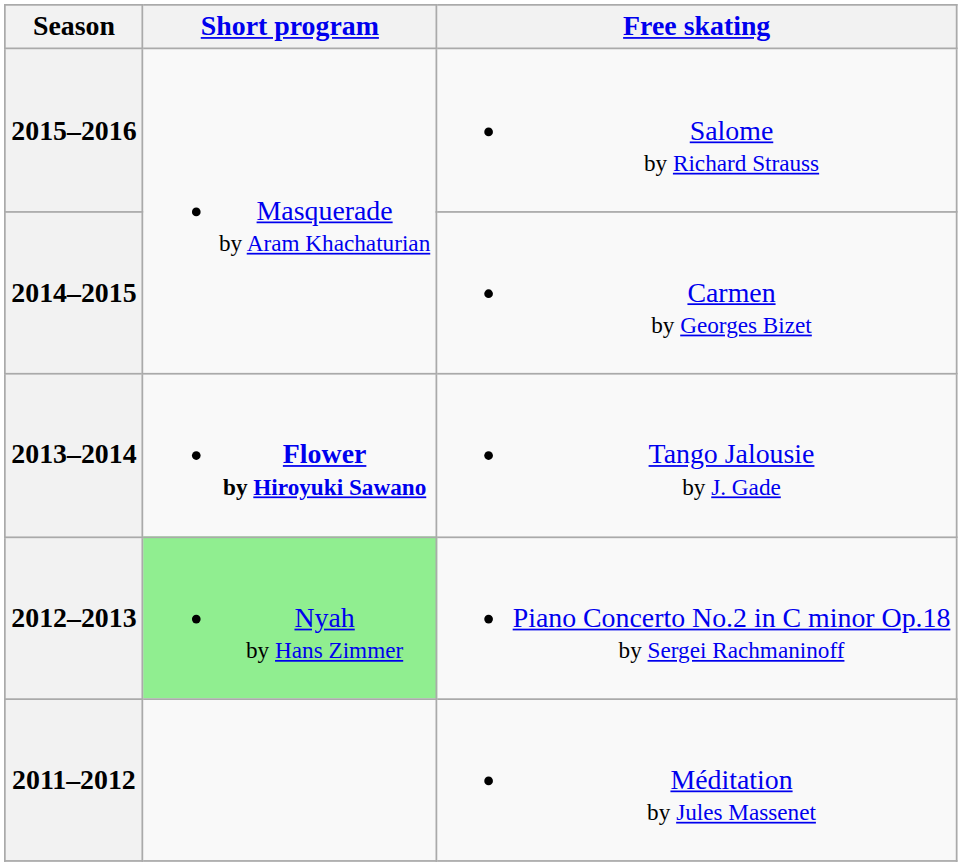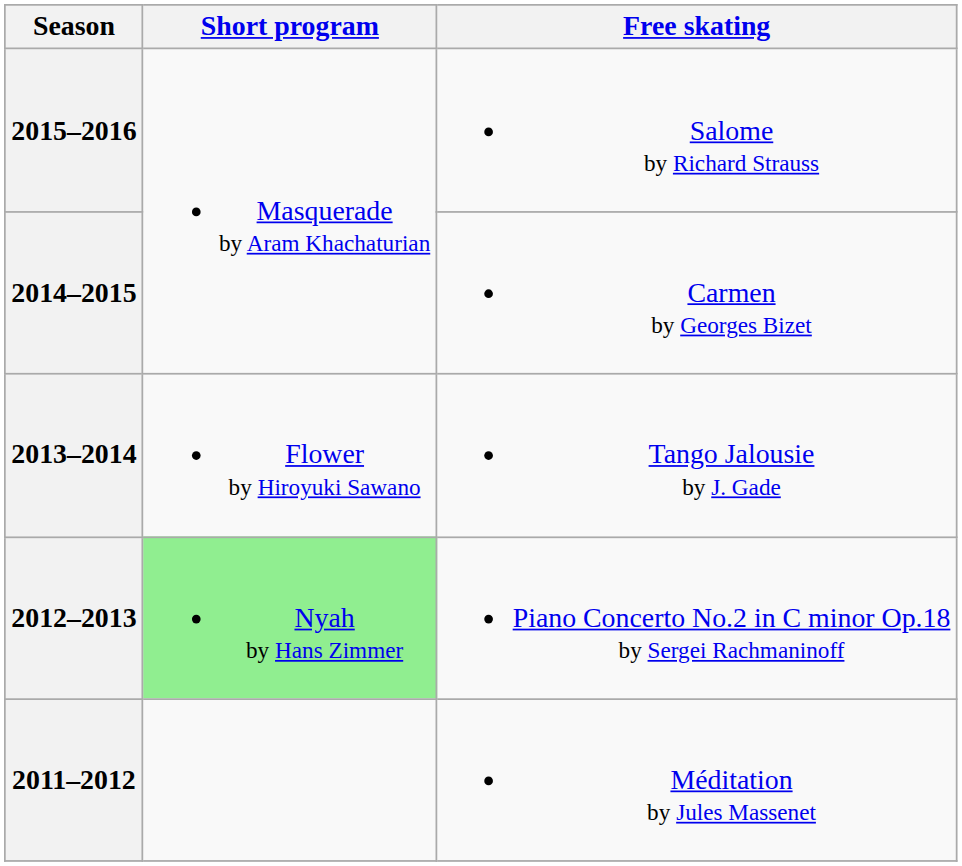 <table class="wikitable" style="text-align:center">
 <tr>
 <th>Season</th>
 <th><a href='#'>Short program</a></th>
 <th><a href='#'>Free skating</a></th>
 </tr>
 <tr>
 <th>2015–2016</th>
 <td rowspan=2><br><ul><li><a href='#'>Masquerade</a> <br><small> by <a href='#'>Aram Khachaturian</a> </small></li></ul></td>
 <td><br><ul><li><a href='#'>Salome</a> <br><small> by <a href='#'>Richard Strauss</a> </small></li></ul></td>
 </tr>
 <tr>
 <th>2014–2015</th>
 <td><br><ul><li><a href='#'>Carmen</a> <br><small> by <a href='#'>Georges Bizet</a> </small></li></ul></td>
 </tr>
 <tr>
 <th>2013–2014</th>
-<td><strong><br><ul><li><a href='#'>Flower</a><br><small> by <a href='#'>Hiroyuki Sawano</a></small></li></ul></strong></td>
+<td><br><ul><li><a href='#'>Flower</a><br><small> by <a href='#'>Hiroyuki Sawano</a></small></li></ul></td>
 <td><br><ul><li><a href='#'>Tango Jalousie</a><br><small>by <a href='#'>J. Gade</a></small></li></ul></td>
 </tr>
 <tr>
 <th>2012–2013</th>
 <td style="background: lightgreen;"><br><ul><li><a href='#'>Nyah</a><br><small> by <a href='#'>Hans Zimmer</a></small></li></ul></td>
 <td><br><ul><li><a href='#'>Piano Concerto No.2 in C minor Op.18</a> <br><small>by <a href='#'>Sergei Rachmaninoff</a></small></li></ul></td>
 </tr>
 <tr>
 <th>2011–2012</th>
 <td></td>
 <td><br><ul><li><a href='#'>Méditation</a> <br><small> by <a href='#'>Jules Massenet</a></small></li></ul></td>
 </tr>
 </table>
